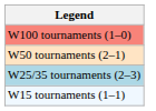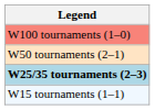 <table class=wikitable style="font-size:85%;">
 <tr>
 <th>Legend</th>
 </tr>
 <tr style="background:#f88379;">
 <td>W100 tournaments (1–0)</td>
 </tr>
 <tr style="background:#ffe4c4;">
 <td>W50 tournaments (2–1)</td>
 </tr>
 <tr style="background:lightblue;">
-<td>W25/35 tournaments (2–3)</td>
+<td><strong>W25/35 tournaments (2–3)</strong></td>
 </tr>
 <tr style="background:#f0f8ff;">
 <td>W15 tournaments (1–1)</td>
 </tr>
 </table>
